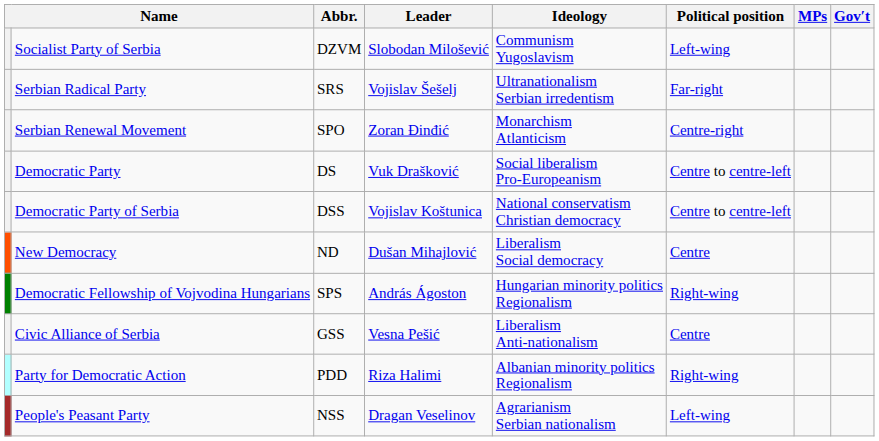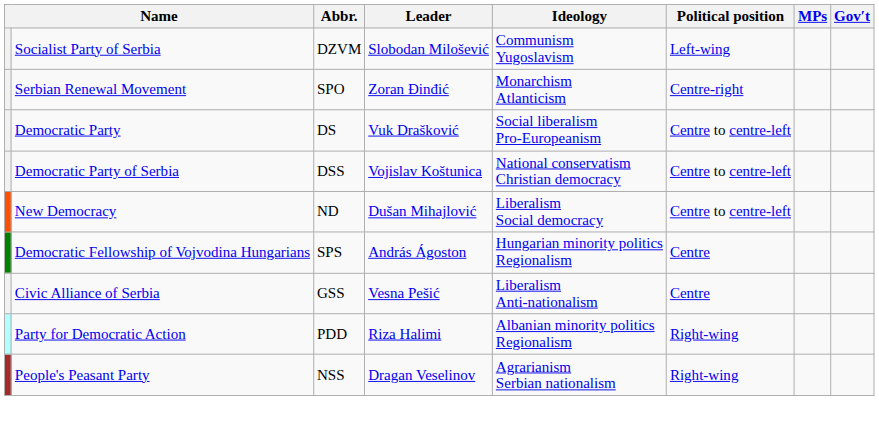 <table class="wikitable">
 <tr>
 <th colspan=2>Name</th>
 <th>Abbr.</th>
 <th>Leader</th>
 <th>Ideology</th>
 <th>Political position</th>
 <th><a href='#'>MPs</a></th>
 <th><a href='#'>Gov′t</a></th>
 </tr>
 <tr>
 <th style="background-color: "></th>
 <td><a href='#'>Socialist Party of Serbia</a><br><small><em></em></small></td>
 <td>DZVM</td>
 <td><a href='#'>Slobodan Milošević</a></td>
 <td><a href='#'>Communism</a><br><a href='#'>Yugoslavism</a></td>
 <td><a href='#'>Left-wing</a></td>
-<td></td>
-<td></td>
-</tr>
-<tr>
-<th style="background-color: "></th>
-<td><a href='#'>Serbian Radical Party</a><br><small><em></em></small></td>
-<td>SRS</td>
-<td><a href='#'>Vojislav Šešelj</a></td>
-<td><a href='#'>Ultranationalism</a><br><a href='#'>Serbian irredentism</a></td>
-<td><a href='#'>Far-right</a></td>
 <td></td>
 <td></td>
 </tr>
 <tr>
 <th style="background-color: "></th>
 <td><a href='#'>Serbian Renewal Movement</a><br><small><em></em></small></td>
 <td>SPO</td>
 <td><a href='#'>Zoran Đinđić</a></td>
 <td><a href='#'>Monarchism</a><br><a href='#'>Atlanticism</a></td>
 <td><a href='#'>Centre-right</a></td>
 <td></td>
 <td></td>
 </tr>
 <tr>
 <th style="background-color: "></th>
 <td><a href='#'>Democratic Party</a><br><small><em></em></small></td>
 <td>DS</td>
 <td><a href='#'>Vuk Drašković</a></td>
 <td><a href='#'>Social liberalism</a><br><a href='#'>Pro-Europeanism</a></td>
 <td><a href='#'>Centre</a> to <a href='#'>centre-left</a></td>
 <td></td>
 <td></td>
 </tr>
 <tr>
 <th style="background-color: "></th>
 <td><a href='#'>Democratic Party of Serbia</a><br><small><em></em></small></td>
 <td>DSS</td>
 <td><a href='#'>Vojislav Koštunica</a></td>
 <td><a href='#'>National conservatism</a><br><a href='#'>Christian democracy</a></td>
 <td><a href='#'>Centre</a> to <a href='#'>centre-left</a></td>
 <td></td>
 <td></td>
 </tr>
 <tr>
 <th style="background-color: #FF4F00;"></th>
 <td><a href='#'>New Democracy</a><br><small><em></em></small></td>
 <td>ND</td>
 <td><a href='#'>Dušan Mihajlović</a></td>
 <td><a href='#'>Liberalism</a><br><a href='#'>Social democracy</a></td>
-<td><a href='#'>Centre</a></td>
+<td><a href='#'>Centre</a> to <a href='#'>centre-left</a></td>
 <td></td>
 <td></td>
 </tr>
 <tr>
 <th style="background-color: green; color:white;"></th>
 <td><a href='#'>Democratic Fellowship of Vojvodina Hungarians</a><br><small><em></em></small></td>
 <td>SPS</td>
 <td><a href='#'>András Ágoston</a></td>
 <td><a href='#'>Hungarian minority politics</a><br><a href='#'>Regionalism</a></td>
-<td><a href='#'>Right-wing</a></td>
+<td><a href='#'>Centre</a></td>
 <td></td>
 <td></td>
 </tr>
 <tr>
 <th style="background-color: "></th>
 <td><a href='#'>Civic Alliance of Serbia</a><br><small><em></em></small></td>
 <td>GSS</td>
 <td><a href='#'>Vesna Pešić</a></td>
 <td><a href='#'>Liberalism</a><br><a href='#'>Anti-nationalism</a></td>
 <td><a href='#'>Centre</a></td>
 <td></td>
 <td></td>
 </tr>
 <tr>
 <th style="background-color: #B2FFFF;"></th>
 <td><a href='#'>Party for Democratic Action</a><br><small><em></em></small></td>
 <td>PDD</td>
 <td><a href='#'>Riza Halimi</a></td>
 <td><a href='#'>Albanian minority politics</a><br><a href='#'>Regionalism</a></td>
 <td><a href='#'>Right-wing</a></td>
 <td></td>
 <td></td>
 </tr>
 <tr>
 <th style="background-color: brown; color:white;"></th>
 <td><a href='#'>People's Peasant Party</a><br><small><em></em></small></td>
 <td>NSS</td>
 <td><a href='#'>Dragan Veselinov</a></td>
 <td><a href='#'>Agrarianism</a><br><a href='#'>Serbian nationalism</a></td>
-<td><a href='#'>Left-wing</a></td>
+<td><a href='#'>Right-wing</a></td>
 <td></td>
 <td></td>
 </tr>
 </table>
